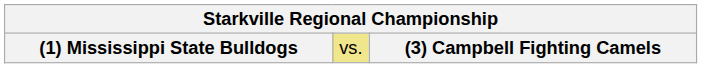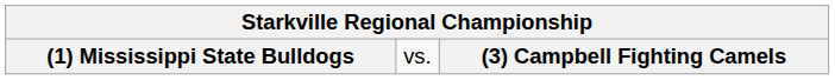 <table class="wikitable">
 <tr>
 <th style="width: 604px;" colspan=3>Starkville Regional Championship</th>
 </tr>
 <tr>
 <th style="width: 289px; ">(1) Mississippi State Bulldogs</th>
-<td style="background: khaki; width: 25px; text-align:center">vs.</td>
+<td style="width: 25px; text-align:center">vs.</td>
 <th style="width: 289px; ">(3) Campbell Fighting Camels</th>
 </tr>
 </table>
